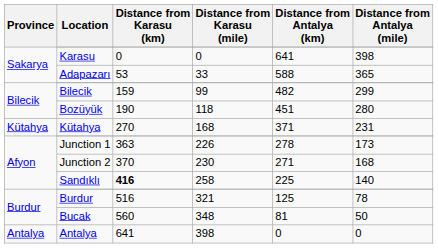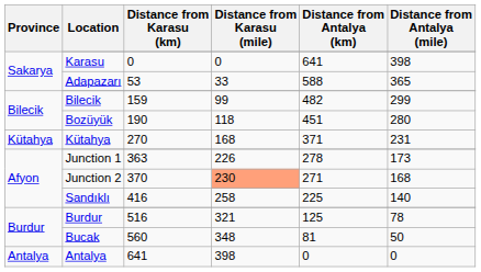 <table class="sortable wikitable">
 <tr>
 <th>Province</th>
 <th>Location</th>
 <th>Distance from <br>Karasu <br>(km)</th>
 <th>Distance from <br>Karasu <br>(mile)</th>
 <th>Distance from <br>Antalya  <br>(km)</th>
 <th>Distance from <br>Antalya  <br>(mile)</th>
 </tr>
 <tr>
 <td rowspan="3" style="text-align:left;"><a href='#'>Sakarya</a></td>
 </tr>
 <tr>
 <td><a href='#'>Karasu</a></td>
 <td>0</td>
 <td>0</td>
 <td>641</td>
 <td>398</td>
 </tr>
 <tr>
 <td><a href='#'>Adapazarı</a></td>
 <td>53</td>
 <td>33</td>
 <td>588</td>
 <td>365</td>
 </tr>
 <tr>
 <td rowspan="3" style="text-align:left;"><a href='#'>Bilecik</a></td>
 </tr>
 <tr>
 <td><a href='#'>Bilecik</a></td>
 <td>159</td>
 <td>99</td>
 <td>482</td>
 <td>299</td>
 </tr>
 <tr>
 <td><a href='#'>Bozüyük</a></td>
 <td>190</td>
 <td>118</td>
 <td>451</td>
 <td>280</td>
 </tr>
 <tr>
 <td><a href='#'>Kütahya</a></td>
 <td><a href='#'>Kütahya</a></td>
 <td>270</td>
 <td>168</td>
 <td>371</td>
 <td>231</td>
 </tr>
 <tr>
 <td rowspan="4" style="text-align:left;"><a href='#'>Afyon</a></td>
 </tr>
 <tr>
 <td>Junction 1</td>
 <td>363</td>
 <td>226</td>
 <td>278</td>
 <td>173</td>
 </tr>
 <tr>
 <td>Junction 2</td>
 <td>370</td>
-<td>230</td>
+<td style="background: lightsalmon;">230</td>
 <td>271</td>
 <td>168</td>
 </tr>
 <tr>
 <td><a href='#'>Sandıklı</a></td>
-<td><strong>416</strong></td>
+<td>416</td>
 <td>258</td>
 <td>225</td>
 <td>140</td>
 </tr>
 <tr>
 <td rowspan="3" style="text-align:left;"><a href='#'>Burdur</a></td>
 </tr>
 <tr>
 <td><a href='#'>Burdur</a></td>
 <td>516</td>
 <td>321</td>
 <td>125</td>
 <td>78</td>
 </tr>
 <tr>
 <td><a href='#'>Bucak</a></td>
 <td>560</td>
 <td>348</td>
 <td>81</td>
 <td>50</td>
 </tr>
 <tr>
 <td><a href='#'>Antalya</a></td>
 <td><a href='#'>Antalya</a></td>
 <td>641</td>
 <td>398</td>
 <td>0</td>
 <td>0</td>
 </tr>
 </table>
